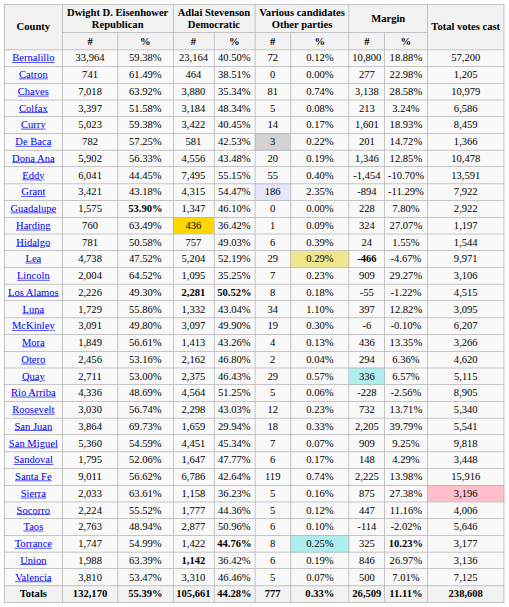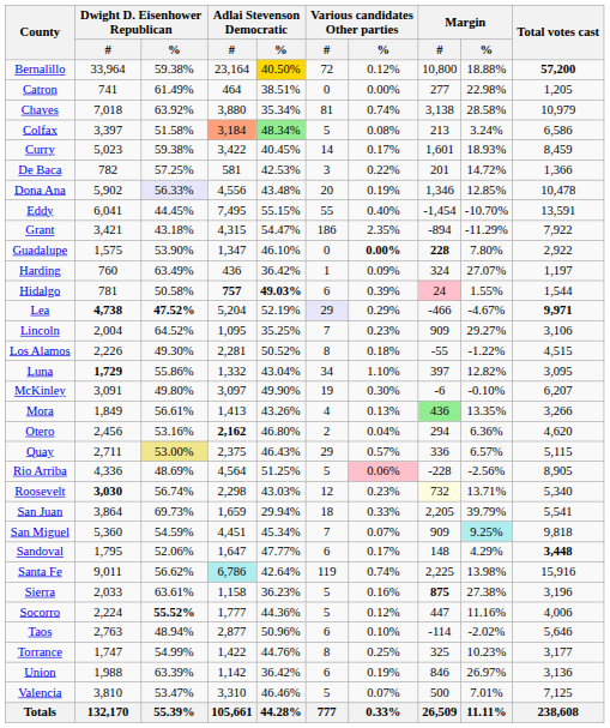 <table width="60%"  class="wikitable sortable" style="text-align:center">
 <tr>
 <th style="text-align:center;" rowspan="2">County</th>
 <th style="text-align:center;" colspan="2">Dwight D. Eisenhower<br>Republican</th>
 <th style="text-align:center;" colspan="2">Adlai Stevenson<br>Democratic</th>
 <th style="text-align:center;" colspan="2">Various candidates<br>Other parties</th>
 <th style="text-align:center;" colspan="2">Margin</th>
 <th style="text-align:center;" rowspan="2">Total votes cast</th>
 </tr>
 <tr>
 <th style="text-align:center;" data-sort-type="number">#</th>
 <th style="text-align:center;" data-sort-type="number">%</th>
 <th style="text-align:center;" data-sort-type="number">#</th>
 <th style="text-align:center;" data-sort-type="number">%</th>
 <th style="text-align:center;" data-sort-type="number">#</th>
 <th style="text-align:center;" data-sort-type="number">%</th>
 <th style="text-align:center;" data-sort-type="number">#</th>
 <th style="text-align:center;" data-sort-type="number">%</th>
 </tr>
 <tr style="text-align:center;">
 <td><a href='#'>Bernalillo</a></td>
 <td>33,964</td>
 <td>59.38%</td>
 <td>23,164</td>
-<td>40.50%</td>
+<td style="background: gold;">40.50%</td>
 <td>72</td>
 <td>0.12%</td>
 <td>10,800</td>
 <td>18.88%</td>
-<td>57,200</td>
+<td><strong>57,200</strong></td>
 </tr>
 <tr style="text-align:center;">
 <td><a href='#'>Catron</a></td>
 <td>741</td>
 <td>61.49%</td>
 <td>464</td>
 <td>38.51%</td>
 <td>0</td>
 <td>0.00%</td>
 <td>277</td>
 <td>22.98%</td>
 <td>1,205</td>
 </tr>
 <tr style="text-align:center;">
 <td><a href='#'>Chaves</a></td>
 <td>7,018</td>
 <td>63.92%</td>
 <td>3,880</td>
 <td>35.34%</td>
 <td>81</td>
 <td>0.74%</td>
 <td>3,138</td>
 <td>28.58%</td>
 <td>10,979</td>
 </tr>
 <tr style="text-align:center;">
 <td><a href='#'>Colfax</a></td>
 <td>3,397</td>
 <td>51.58%</td>
-<td>3,184</td>
-<td>48.34%</td>
+<td style="background: lightsalmon;">3,184</td>
+<td style="background: lightgreen;">48.34%</td>
 <td>5</td>
 <td>0.08%</td>
 <td>213</td>
 <td>3.24%</td>
 <td>6,586</td>
 </tr>
 <tr style="text-align:center;">
 <td><a href='#'>Curry</a></td>
 <td>5,023</td>
 <td>59.38%</td>
 <td>3,422</td>
 <td>40.45%</td>
 <td>14</td>
 <td>0.17%</td>
 <td>1,601</td>
 <td>18.93%</td>
 <td>8,459</td>
 </tr>
 <tr style="text-align:center;">
 <td><a href='#'>De Baca</a></td>
 <td>782</td>
 <td>57.25%</td>
 <td>581</td>
 <td>42.53%</td>
-<td style="background: lightgrey;">3</td>
+<td>3</td>
 <td>0.22%</td>
 <td>201</td>
 <td>14.72%</td>
 <td>1,366</td>
 </tr>
 <tr style="text-align:center;">
 <td><a href='#'>Dona Ana</a></td>
 <td>5,902</td>
-<td>56.33%</td>
+<td style="background: lavender;">56.33%</td>
 <td>4,556</td>
 <td>43.48%</td>
 <td>20</td>
 <td>0.19%</td>
 <td>1,346</td>
 <td>12.85%</td>
 <td>10,478</td>
 </tr>
 <tr style="text-align:center;">
 <td><a href='#'>Eddy</a></td>
 <td>6,041</td>
 <td>44.45%</td>
 <td>7,495</td>
 <td>55.15%</td>
 <td>55</td>
 <td>0.40%</td>
 <td>-1,454</td>
 <td>-10.70%</td>
 <td>13,591</td>
 </tr>
 <tr style="text-align:center;">
 <td><a href='#'>Grant</a></td>
 <td>3,421</td>
 <td>43.18%</td>
 <td>4,315</td>
 <td>54.47%</td>
-<td style="background: lavender;">186</td>
+<td>186</td>
 <td>2.35%</td>
 <td>-894</td>
 <td>-11.29%</td>
 <td>7,922</td>
 </tr>
 <tr style="text-align:center;">
 <td><a href='#'>Guadalupe</a></td>
 <td>1,575</td>
-<td><strong>53.90%</strong></td>
+<td>53.90%</td>
 <td>1,347</td>
 <td>46.10%</td>
 <td>0</td>
-<td>0.00%</td>
-<td>228</td>
+<td><strong>0.00%</strong></td>
+<td><strong>228</strong></td>
 <td>7.80%</td>
 <td>2,922</td>
 </tr>
 <tr style="text-align:center;">
 <td><a href='#'>Harding</a></td>
 <td>760</td>
 <td>63.49%</td>
-<td style="background: gold;">436</td>
+<td>436</td>
 <td>36.42%</td>
 <td>1</td>
 <td>0.09%</td>
 <td>324</td>
 <td>27.07%</td>
 <td>1,197</td>
 </tr>
 <tr style="text-align:center;">
 <td><a href='#'>Hidalgo</a></td>
 <td>781</td>
 <td>50.58%</td>
-<td>757</td>
-<td>49.03%</td>
+<td><strong>757</strong></td>
+<td><strong>49.03%</strong></td>
 <td>6</td>
 <td>0.39%</td>
-<td>24</td>
+<td style="background: pink;">24</td>
 <td>1.55%</td>
 <td>1,544</td>
 </tr>
 <tr style="text-align:center;">
 <td><a href='#'>Lea</a></td>
-<td>4,738</td>
-<td>47.52%</td>
+<td><strong>4,738</strong></td>
+<td><strong>47.52%</strong></td>
 <td>5,204</td>
 <td>52.19%</td>
-<td>29</td>
-<td style="background: khaki;">0.29%</td>
-<td><strong>-466</strong></td>
+<td style="background: lavender;">29</td>
+<td>0.29%</td>
+<td>-466</td>
 <td>-4.67%</td>
-<td>9,971</td>
+<td><strong>9,971</strong></td>
 </tr>
 <tr style="text-align:center;">
 <td><a href='#'>Lincoln</a></td>
 <td>2,004</td>
 <td>64.52%</td>
 <td>1,095</td>
 <td>35.25%</td>
 <td>7</td>
 <td>0.23%</td>
 <td>909</td>
 <td>29.27%</td>
 <td>3,106</td>
 </tr>
 <tr style="text-align:center;">
 <td><a href='#'>Los Alamos</a></td>
 <td>2,226</td>
 <td>49.30%</td>
-<td><strong>2,281</strong></td>
-<td><strong>50.52%</strong></td>
+<td>2,281</td>
+<td>50.52%</td>
 <td>8</td>
 <td>0.18%</td>
 <td>-55</td>
 <td>-1.22%</td>
 <td>4,515</td>
 </tr>
 <tr style="text-align:center;">
 <td><a href='#'>Luna</a></td>
-<td>1,729</td>
+<td><strong>1,729</strong></td>
 <td>55.86%</td>
 <td>1,332</td>
 <td>43.04%</td>
 <td>34</td>
 <td>1.10%</td>
 <td>397</td>
 <td>12.82%</td>
 <td>3,095</td>
 </tr>
 <tr style="text-align:center;">
 <td><a href='#'>McKinley</a></td>
 <td>3,091</td>
 <td>49.80%</td>
 <td>3,097</td>
 <td>49.90%</td>
 <td>19</td>
 <td>0.30%</td>
 <td>-6</td>
 <td>-0.10%</td>
 <td>6,207</td>
 </tr>
 <tr style="text-align:center;">
 <td><a href='#'>Mora</a></td>
 <td>1,849</td>
 <td>56.61%</td>
 <td>1,413</td>
 <td>43.26%</td>
 <td>4</td>
 <td>0.13%</td>
-<td>436</td>
+<td style="background: lightgreen;">436</td>
 <td>13.35%</td>
 <td>3,266</td>
 </tr>
 <tr style="text-align:center;">
 <td><a href='#'>Otero</a></td>
 <td>2,456</td>
 <td>53.16%</td>
-<td>2,162</td>
+<td><strong>2,162</strong></td>
 <td>46.80%</td>
 <td>2</td>
 <td>0.04%</td>
 <td>294</td>
 <td>6.36%</td>
 <td>4,620</td>
 </tr>
 <tr style="text-align:center;">
 <td><a href='#'>Quay</a></td>
 <td>2,711</td>
-<td>53.00%</td>
+<td style="background: khaki;">53.00%</td>
 <td>2,375</td>
 <td>46.43%</td>
 <td>29</td>
 <td>0.57%</td>
-<td style="background: paleturquoise;">336</td>
+<td>336</td>
 <td>6.57%</td>
 <td>5,115</td>
 </tr>
 <tr style="text-align:center;">
 <td><a href='#'>Rio Arriba</a></td>
 <td>4,336</td>
 <td>48.69%</td>
 <td>4,564</td>
 <td>51.25%</td>
 <td>5</td>
-<td>0.06%</td>
+<td style="background: pink;">0.06%</td>
 <td>-228</td>
 <td>-2.56%</td>
 <td>8,905</td>
 </tr>
 <tr style="text-align:center;">
 <td><a href='#'>Roosevelt</a></td>
-<td>3,030</td>
+<td><strong>3,030</strong></td>
 <td>56.74%</td>
 <td>2,298</td>
 <td>43.03%</td>
 <td>12</td>
 <td>0.23%</td>
-<td>732</td>
+<td style="background: lightyellow;">732</td>
 <td>13.71%</td>
 <td>5,340</td>
 </tr>
 <tr style="text-align:center;">
 <td><a href='#'>San Juan</a></td>
 <td>3,864</td>
 <td>69.73%</td>
 <td>1,659</td>
 <td>29.94%</td>
 <td>18</td>
 <td>0.33%</td>
 <td>2,205</td>
 <td>39.79%</td>
 <td>5,541</td>
 </tr>
 <tr style="text-align:center;">
 <td><a href='#'>San Miguel</a></td>
 <td>5,360</td>
 <td>54.59%</td>
 <td>4,451</td>
 <td>45.34%</td>
 <td>7</td>
 <td>0.07%</td>
 <td>909</td>
-<td>9.25%</td>
+<td style="background: paleturquoise;">9.25%</td>
 <td>9,818</td>
 </tr>
 <tr style="text-align:center;">
 <td><a href='#'>Sandoval</a></td>
 <td>1,795</td>
 <td>52.06%</td>
 <td>1,647</td>
 <td>47.77%</td>
 <td>6</td>
 <td>0.17%</td>
 <td>148</td>
 <td>4.29%</td>
-<td>3,448</td>
+<td><strong>3,448</strong></td>
 </tr>
 <tr style="text-align:center;">
 <td><a href='#'>Santa Fe</a></td>
 <td>9,011</td>
 <td>56.62%</td>
-<td>6,786</td>
+<td style="background: paleturquoise;">6,786</td>
 <td>42.64%</td>
 <td>119</td>
 <td>0.74%</td>
 <td>2,225</td>
 <td>13.98%</td>
 <td>15,916</td>
 </tr>
 <tr style="text-align:center;">
 <td><a href='#'>Sierra</a></td>
 <td>2,033</td>
 <td>63.61%</td>
 <td>1,158</td>
 <td>36.23%</td>
 <td>5</td>
 <td>0.16%</td>
-<td>875</td>
+<td><strong>875</strong></td>
 <td>27.38%</td>
-<td style="background: pink;">3,196</td>
+<td>3,196</td>
 </tr>
 <tr style="text-align:center;">
 <td><a href='#'>Socorro</a></td>
 <td>2,224</td>
-<td>55.52%</td>
+<td><strong>55.52%</strong></td>
 <td>1,777</td>
 <td>44.36%</td>
 <td>5</td>
 <td>0.12%</td>
 <td>447</td>
 <td>11.16%</td>
 <td>4,006</td>
 </tr>
 <tr style="text-align:center;">
 <td><a href='#'>Taos</a></td>
 <td>2,763</td>
 <td>48.94%</td>
 <td>2,877</td>
 <td>50.96%</td>
 <td>6</td>
 <td>0.10%</td>
 <td>-114</td>
 <td>-2.02%</td>
 <td>5,646</td>
 </tr>
 <tr style="text-align:center;">
 <td><a href='#'>Torrance</a></td>
 <td>1,747</td>
 <td>54.99%</td>
 <td>1,422</td>
-<td><strong>44.76%</strong></td>
+<td>44.76%</td>
 <td>8</td>
-<td style="background: paleturquoise;">0.25%</td>
+<td>0.25%</td>
 <td>325</td>
-<td><strong>10.23%</strong></td>
+<td>10.23%</td>
 <td>3,177</td>
 </tr>
 <tr style="text-align:center;">
 <td><a href='#'>Union</a></td>
 <td>1,988</td>
 <td>63.39%</td>
-<td><strong>1,142</strong></td>
+<td>1,142</td>
 <td>36.42%</td>
 <td>6</td>
 <td>0.19%</td>
 <td>846</td>
 <td>26.97%</td>
 <td>3,136</td>
 </tr>
 <tr style="text-align:center;">
 <td><a href='#'>Valencia</a></td>
 <td>3,810</td>
 <td>53.47%</td>
 <td>3,310</td>
 <td>46.46%</td>
 <td>5</td>
 <td>0.07%</td>
 <td>500</td>
 <td>7.01%</td>
 <td>7,125</td>
 </tr>
 <tr>
 <th>Totals</th>
 <th>132,170</th>
 <th>55.39%</th>
 <th>105,661</th>
 <th>44.28%</th>
 <th>777</th>
 <th>0.33%</th>
 <th>26,509</th>
 <th>11.11%</th>
 <th>238,608</th>
 </tr>
 </table>
